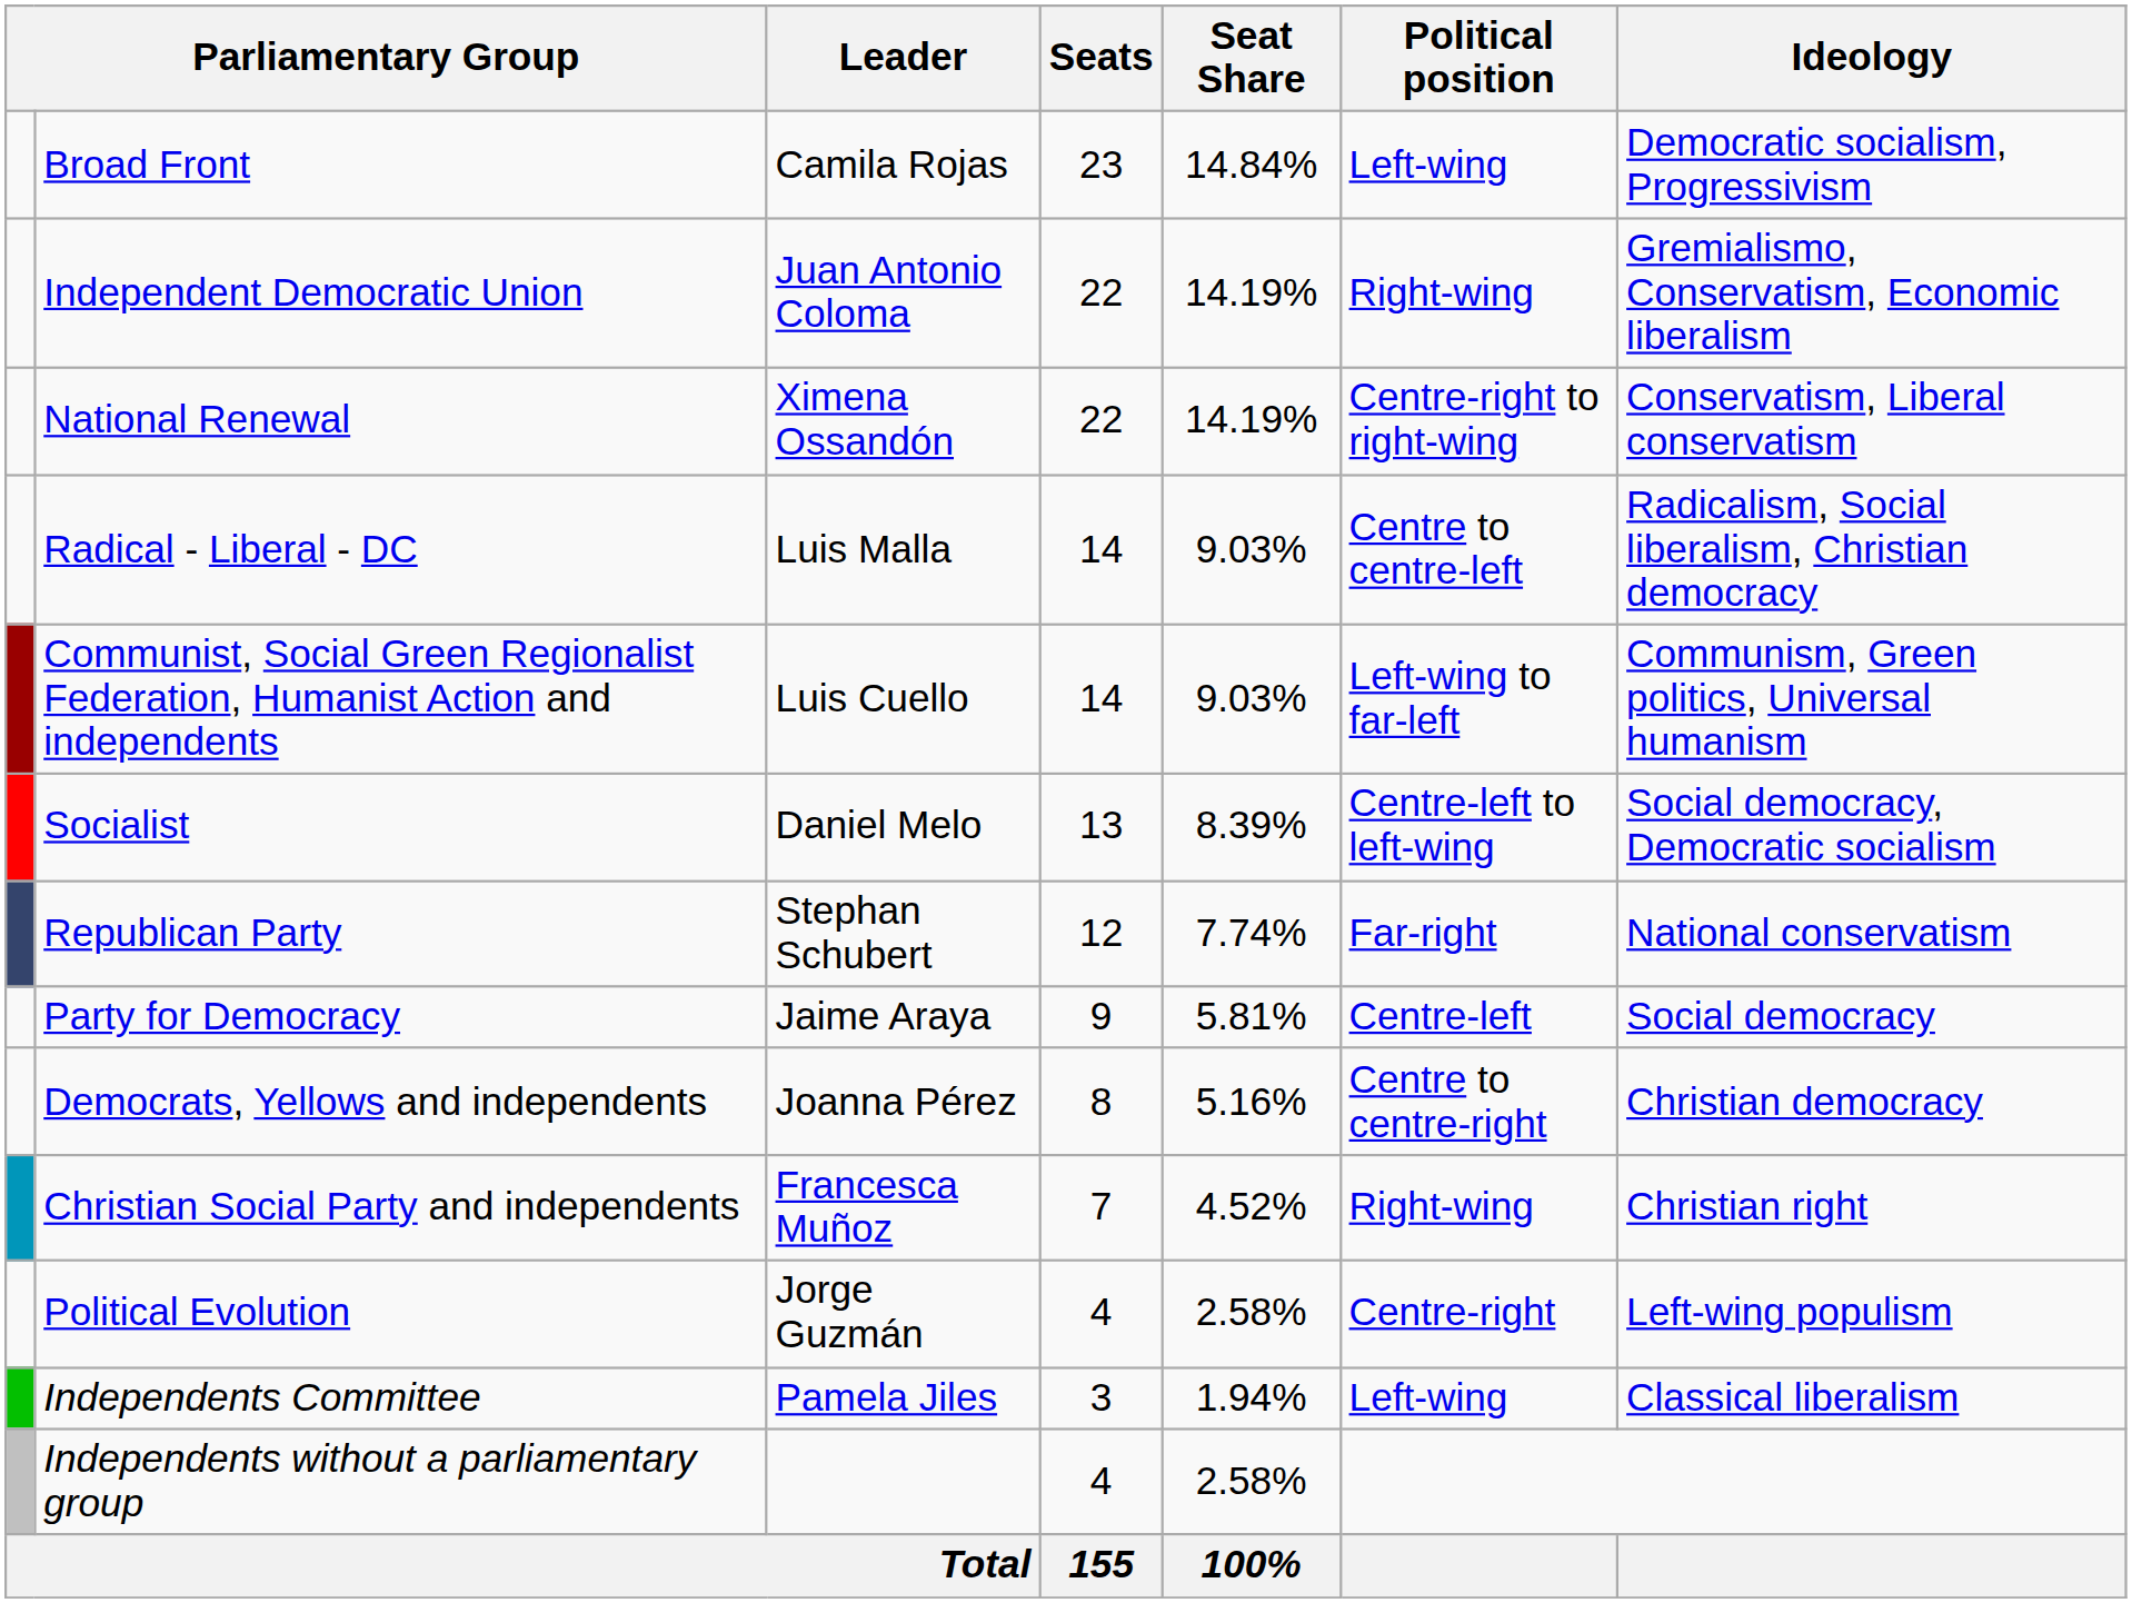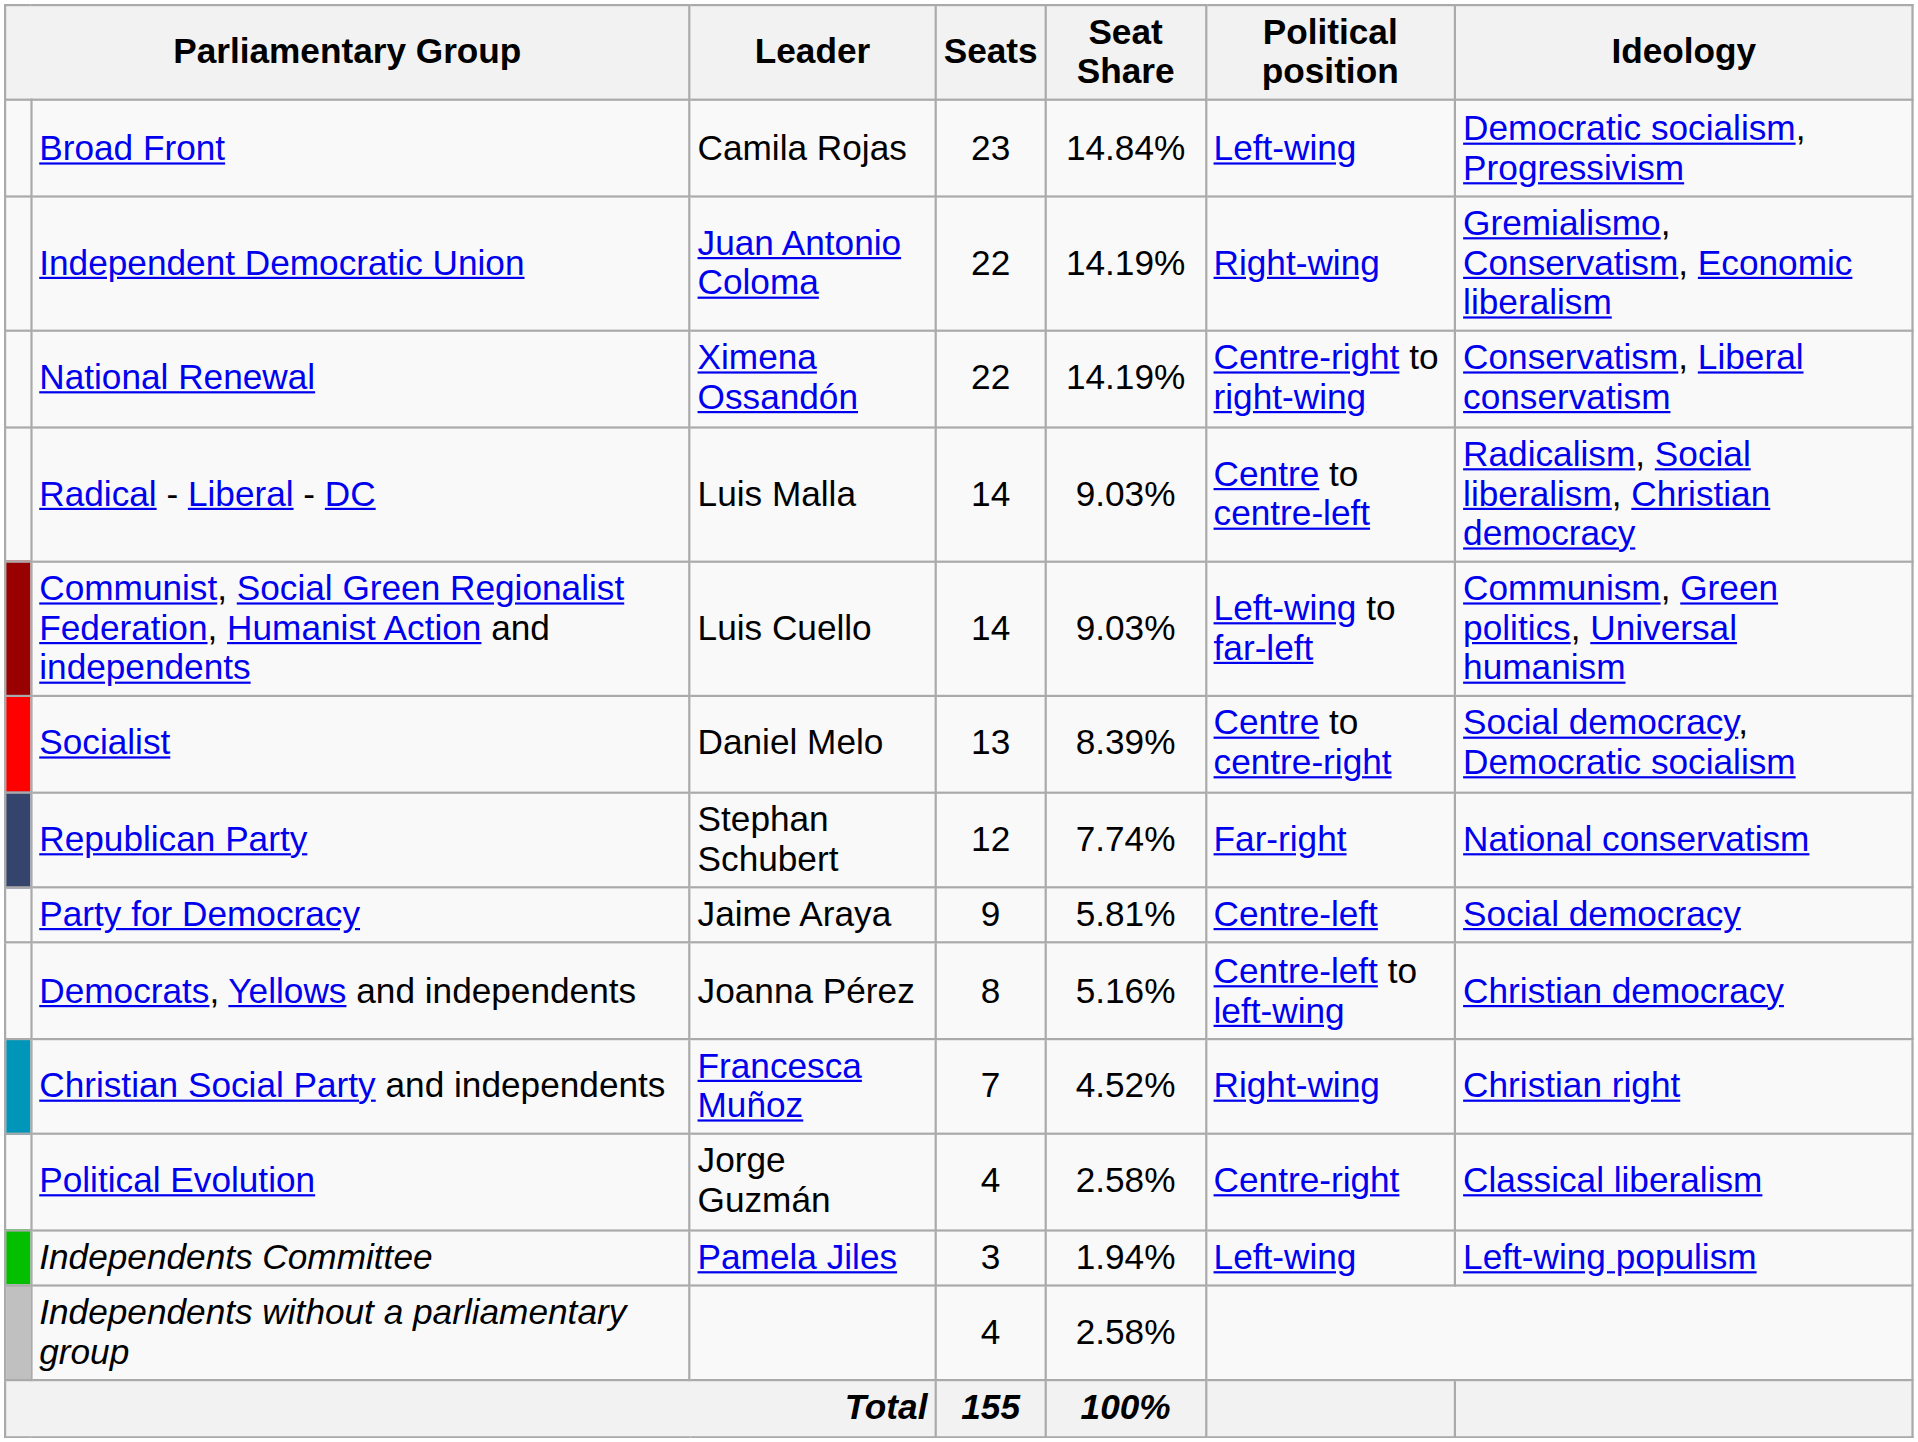 <table class="wikitable">
 <tr>
 <th colspan=2>Parliamentary Group</th>
 <th>Leader</th>
 <th>Seats</th>
 <th>Seat Share</th>
 <th>Political position</th>
 <th>Ideology</th>
 </tr>
 <tr>
 <td> </td>
 <td><a href='#'>Broad Front</a></td>
 <td>Camila Rojas</td>
 <td style="text-align:center;">23</td>
 <td style="text-align:center;">14.84%</td>
 <td><a href='#'>Left-wing</a></td>
 <td><a href='#'>Democratic socialism</a>, <a href='#'>Progressivism</a></td>
 </tr>
 <tr>
 <td> </td>
 <td><a href='#'>Independent Democratic Union</a></td>
 <td><a href='#'>Juan Antonio Coloma</a></td>
 <td style="text-align:center;">22</td>
 <td style="text-align:center;">14.19%</td>
 <td><a href='#'>Right-wing</a></td>
 <td><a href='#'>Gremialismo</a>, <a href='#'>Conservatism</a>, <a href='#'>Economic liberalism</a></td>
 </tr>
 <tr>
 <td> </td>
 <td><a href='#'>National Renewal</a></td>
 <td><a href='#'>Ximena Ossandón</a></td>
 <td style="text-align:center;">22</td>
 <td style="text-align:center;">14.19%</td>
 <td><a href='#'>Centre-right</a> to <a href='#'>right-wing</a></td>
 <td><a href='#'>Conservatism</a>, <a href='#'>Liberal conservatism</a></td>
 </tr>
 <tr>
 <td> </td>
 <td><a href='#'>Radical</a> - <a href='#'>Liberal</a> - <a href='#'>DC</a></td>
 <td>Luis Malla</td>
 <td style="text-align:center;">14</td>
 <td style="text-align:center;">9.03%</td>
 <td><a href='#'>Centre</a> to <a href='#'>centre-left</a></td>
 <td><a href='#'>Radicalism</a>, <a href='#'>Social liberalism</a>, <a href='#'>Christian democracy</a></td>
 </tr>
 <tr>
 <td bgcolor="#990000"> </td>
 <td><a href='#'>Communist</a>, <a href='#'>Social Green Regionalist Federation</a>, <a href='#'>Humanist Action</a> and <a href='#'>independents</a></td>
 <td>Luis Cuello</td>
 <td style="text-align:center;">14</td>
 <td style="text-align:center;">9.03%</td>
 <td><a href='#'>Left-wing</a> to <a href='#'>far-left</a></td>
 <td><a href='#'>Communism</a>, <a href='#'>Green politics</a>, <a href='#'>Universal humanism</a></td>
 </tr>
 <tr>
 <td bgcolor="#FF0000"> </td>
 <td><a href='#'>Socialist</a></td>
 <td>Daniel Melo</td>
 <td style="text-align:center;">13</td>
 <td style="text-align:center;">8.39%</td>
-<td><a href='#'>Centre-left</a> to <a href='#'>left-wing</a></td>
+<td><a href='#'>Centre</a> to <a href='#'>centre-right</a></td>
 <td><a href='#'>Social democracy</a>, <a href='#'>Democratic socialism</a></td>
 </tr>
 <tr>
 <td style="background:#34446c;"> </td>
 <td><a href='#'>Republican Party</a></td>
 <td>Stephan Schubert</td>
 <td style="text-align:center;">12</td>
 <td style="text-align:center;">7.74%</td>
 <td><a href='#'>Far-right</a></td>
 <td><a href='#'>National conservatism</a></td>
 </tr>
 <tr>
 <td> </td>
 <td><a href='#'>Party for Democracy</a></td>
 <td>Jaime Araya</td>
 <td style="text-align:center;">9</td>
 <td style="text-align:center;">5.81%</td>
 <td><a href='#'>Centre-left</a></td>
 <td><a href='#'>Social democracy</a></td>
 </tr>
 <tr>
 <td> </td>
 <td><a href='#'>Democrats</a>, <a href='#'>Yellows</a> and independents</td>
 <td>Joanna Pérez</td>
 <td style="text-align:center;">8</td>
 <td style="text-align:center;">5.16%</td>
-<td><a href='#'>Centre</a> to <a href='#'>centre-right</a></td>
+<td><a href='#'>Centre-left</a> to <a href='#'>left-wing</a></td>
 <td><a href='#'>Christian democracy</a></td>
 </tr>
 <tr>
 <td style="background:#0096BA;"> </td>
 <td><a href='#'>Christian Social Party</a> and independents</td>
 <td><a href='#'>Francesca Muñoz</a></td>
 <td style="text-align:center;">7</td>
 <td style="text-align:center;">4.52%</td>
 <td><a href='#'>Right-wing</a></td>
 <td><a href='#'>Christian right</a></td>
 </tr>
 <tr>
 <td> </td>
 <td><a href='#'>Political Evolution</a></td>
 <td>Jorge Guzmán</td>
 <td style="text-align:center;">4</td>
 <td style="text-align:center;">2.58%</td>
 <td><a href='#'>Centre-right</a></td>
-<td><a href='#'>Left-wing populism</a></td>
+<td><a href='#'>Classical liberalism</a></td>
 </tr>
 <tr>
 <td bgcolor="#03BF00"> </td>
 <td><em>Independents Committee</em></td>
 <td><a href='#'>Pamela Jiles</a></td>
 <td style="text-align:center;">3</td>
 <td style="text-align:center;">1.94%</td>
 <td><a href='#'>Left-wing</a></td>
-<td><a href='#'>Classical liberalism</a></td>
+<td><a href='#'>Left-wing populism</a></td>
 </tr>
 <tr>
 <td bgcolor="silver"> </td>
 <td><em>Independents without a parliamentary group</em></td>
 <td></td>
 <td style="text-align:center;">4</td>
 <td style="text-align:center;">2.58%</td>
 <td colspan="2"></td>
 </tr>
 <tr>
 <th colspan="3" style="text-align:right;"><em>Total</em></th>
 <th style="text-align:center;"><em>155</em></th>
 <th style="text-align:center;"><em>100%</em></th>
 <th></th>
 <th></th>
 </tr>
 </table>
